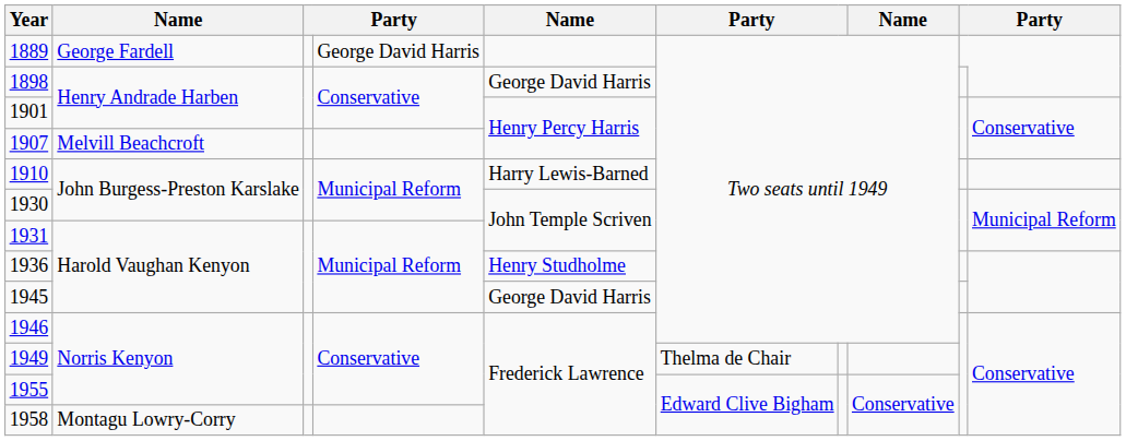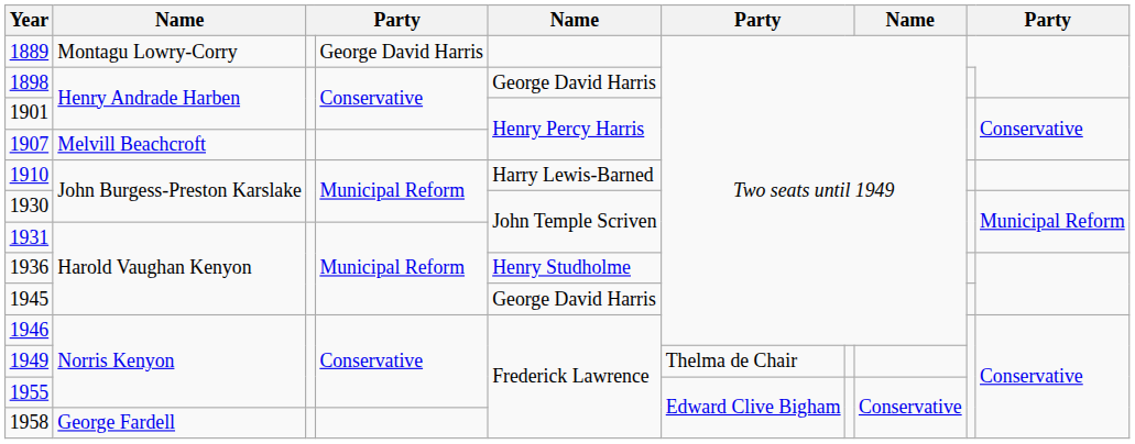 <table class="wikitable">
 <tr>
 <th>Year</th>
 <th>Name</th>
 <th colspan=2>Party</th>
 <th>Name</th>
 <th colspan=2>Party</th>
 <th>Name</th>
 <th colspan=2>Party</th>
 </tr>
 <tr>
 <td><a href='#'>1889</a></td>
-<td><a href='#'>George Fardell</a></td>
+<td>Montagu Lowry-Corry</td>
 <td></td>
 <td>George David Harris</td>
 <td></td>
 <td rowspan=10 colspan=3 align="center"><em>Two seats until 1949</em></td>
 </tr>
 <tr>
 <td><a href='#'>1898</a></td>
 <td rowspan=2><a href='#'>Henry Andrade Harben</a></td>
 <td rowspan=2 style="background-color: "></td>
 <td rowspan=2><a href='#'>Conservative</a></td>
 <td>George David Harris</td>
 <td></td>
 </tr>
 <tr>
 <td>1901</td>
 <td rowspan=2><a href='#'>Henry Percy Harris</a></td>
 <td rowspan=2 style="background-color: "></td>
 <td rowspan=2><a href='#'>Conservative</a></td>
 </tr>
 <tr>
 <td><a href='#'>1907</a></td>
 <td><a href='#'>Melvill Beachcroft</a></td>
 <td></td>
 </tr>
 <tr>
 <td><a href='#'>1910</a></td>
 <td rowspan=2>John Burgess-Preston Karslake</td>
 <td rowspan=2 style="background-color: "></td>
 <td rowspan=2><a href='#'>Municipal Reform</a></td>
 <td>Harry Lewis-Barned</td>
 <td></td>
 </tr>
 <tr>
 <td>1930</td>
 <td rowspan=2>John Temple Scriven</td>
 <td rowspan=2 style="background-color: "></td>
 <td rowspan=2><a href='#'>Municipal Reform</a></td>
 </tr>
 <tr>
 <td><a href='#'>1931</a></td>
 <td rowspan=3>Harold Vaughan Kenyon</td>
 <td rowspan=3 style="background-color: "></td>
 <td rowspan=3><a href='#'>Municipal Reform</a></td>
 </tr>
 <tr>
 <td>1936</td>
 <td><a href='#'>Henry Studholme</a></td>
 <td></td>
 </tr>
 <tr>
 <td>1945</td>
 <td>George David Harris</td>
 <td></td>
 </tr>
 <tr>
 <td><a href='#'>1946</a></td>
 <td rowspan=3><a href='#'>Norris Kenyon</a></td>
 <td rowspan=3 style="background-color: "></td>
 <td rowspan=3><a href='#'>Conservative</a></td>
 <td rowspan=4>Frederick Lawrence</td>
 <td rowspan=4 style="background-color: "></td>
 <td rowspan=4><a href='#'>Conservative</a></td>
 </tr>
 <tr>
 <td><a href='#'>1949</a></td>
 <td>Thelma de Chair</td>
 <td></td>
 </tr>
 <tr>
 <td><a href='#'>1955</a></td>
 <td rowspan=2><a href='#'>Edward Clive Bigham</a></td>
 <td rowspan=2 style="background-color: "></td>
 <td rowspan=2><a href='#'>Conservative</a></td>
 </tr>
 <tr>
 <td>1958</td>
-<td>Montagu Lowry-Corry</td>
+<td><a href='#'>George Fardell</a></td>
 <td></td>
 </tr>
 </table>
